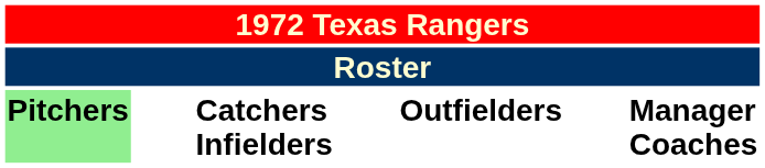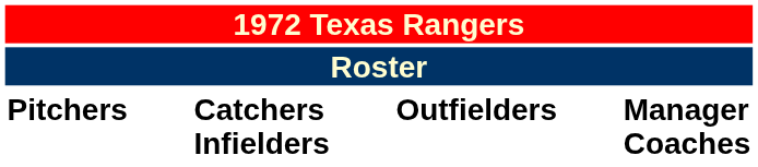 <table class="toccolours" style="font-size: 95%;">
 <tr>
 <th colspan="10" style="background-color: red; color: #FFFDD0; text-align: center;">1972 Texas Rangers</th>
 </tr>
 <tr>
 <td colspan="10" style="background-color: #003366; color: #FFFDD0; text-align: center;"><strong>Roster</strong></td>
 </tr>
 <tr>
-<td valign="top" style="background: lightgreen;"><strong>Pitchers</strong><br>               </td>
+<td valign="top"><strong>Pitchers</strong><br>               </td>
 <td width="25px"></td>
 <td valign="top"><strong>Catchers</strong><br>    <strong>Infielders</strong>             </td>
 <td width="25px"></td>
 <td valign="top"><strong>Outfielders</strong><br>    </td>
 <td width="25px"></td>
 <td valign="top"><strong>Manager</strong><br> <strong>Coaches</strong>     </td>
 </tr>
 <tr>
 </tr>
 </table>
